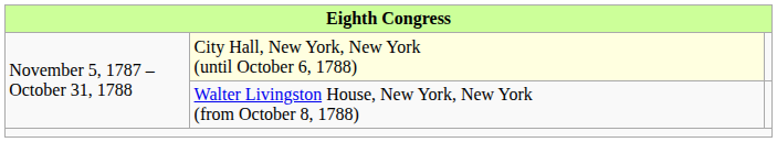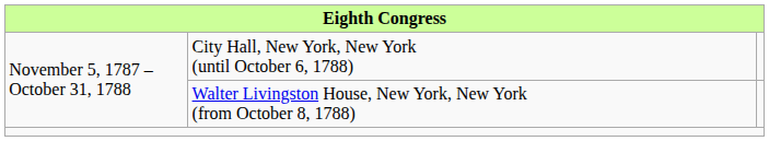 <table class=wikitable>
 <tr>
 <th colspan=3 style="background:#ccff99;">Eighth Congress</th>
 </tr>
 <tr>
 <td rowspan=2 style="width: 10em;">November 5, 1787 –October 31, 1788</td>
-<td style="background: lightyellow; width: 32em;">City Hall, New York, New York<br>(until October 6, 1788)</td>
+<td style="width: 32em;">City Hall, New York, New York<br>(until October 6, 1788)</td>
 <td></td>
 </tr>
 <tr>
 <td style="width: 32em;"><a href='#'>Walter Livingston</a> House, New York, New York<br>(from October 8, 1788)</td>
 <td></td>
 </tr>
 <tr>
 <td colspan=3></td>
 </tr>
 </table>
